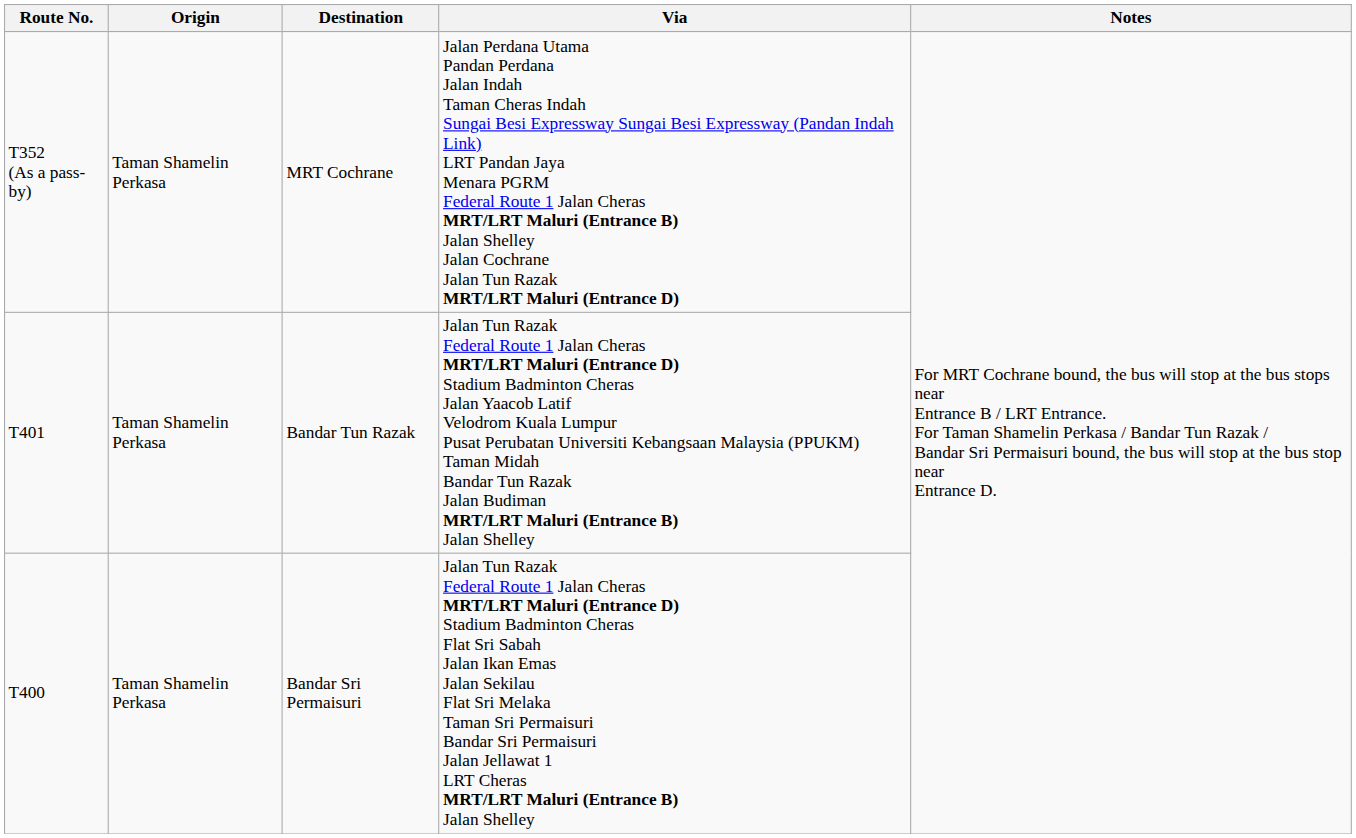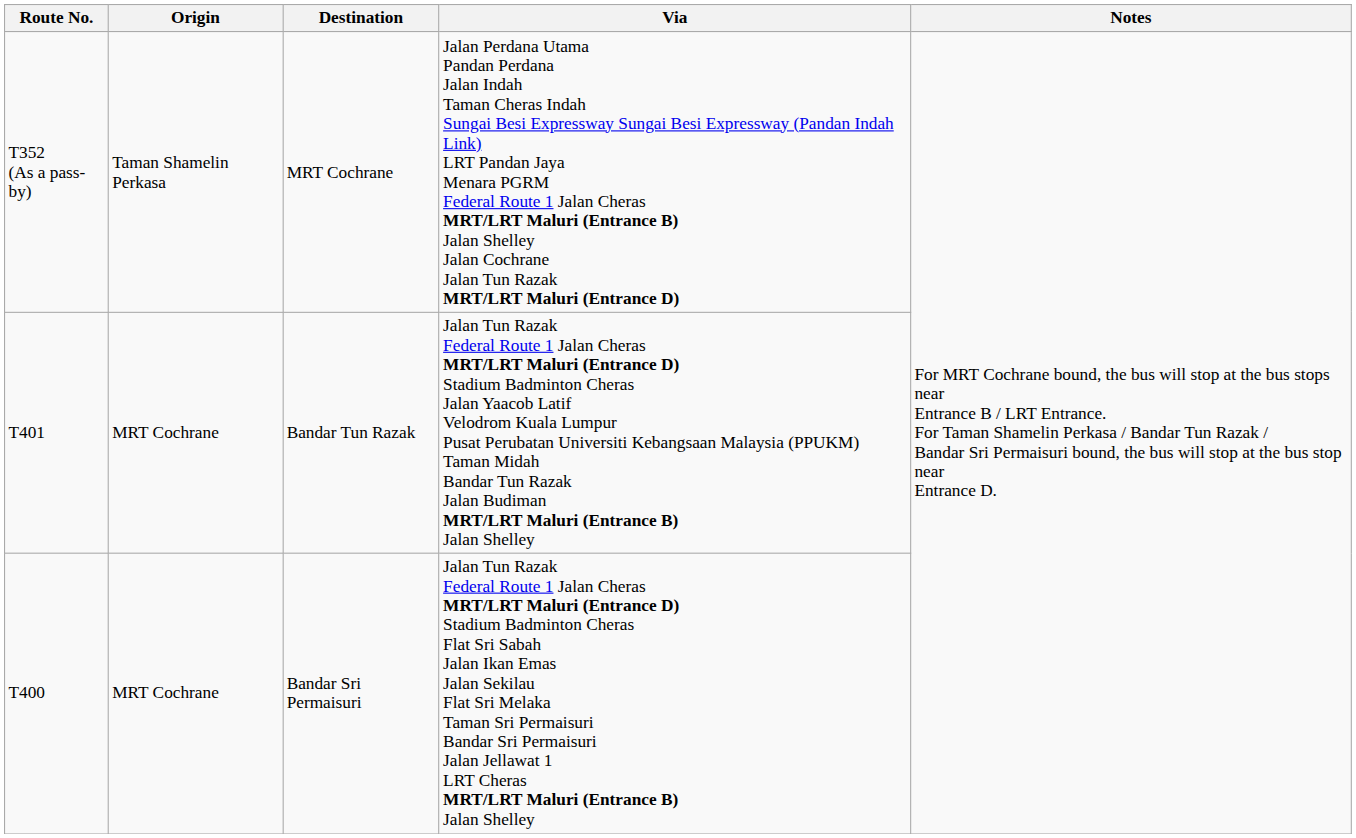 <table class="wikitable">
 <tr>
 <th>Route No.</th>
 <th>Origin</th>
 <th>Destination</th>
 <th>Via</th>
 <th>Notes</th>
 </tr>
 <tr>
 <td>T352<br>(As a pass-by)</td>
 <td>Taman Shamelin Perkasa</td>
 <td> MRT Cochrane</td>
 <td>Jalan Perdana Utama<br>Pandan Perdana<br> Jalan Indah<br> Taman Cheras Indah<br> <a href='#'>Sungai Besi Expressway Sungai Besi Expressway (Pandan Indah Link)</a><br>  LRT Pandan Jaya<br> Menara PGRM<br> <a href='#'>Federal Route 1</a> Jalan Cheras<br>  <strong>MRT/LRT Maluri (Entrance B)</strong><br> Jalan Shelley<br> Jalan Cochrane<br> Jalan Tun Razak<br>  <strong>MRT/LRT Maluri (Entrance D)</strong></td>
 <td rowspan="3">For  MRT Cochrane bound, the bus will stop at the bus stops near<br>Entrance B / LRT Entrance.<br>For Taman Shamelin Perkasa / Bandar Tun Razak /<br> Bandar Sri Permaisuri bound, the bus will stop at the bus stop near <br> Entrance D.</td>
 </tr>
 <tr>
 <td>T401</td>
-<td>Taman Shamelin Perkasa</td>
+<td> MRT Cochrane</td>
 <td>Bandar Tun Razak</td>
 <td>Jalan Tun Razak<br><a href='#'>Federal Route 1</a> Jalan Cheras<br>  <strong>MRT/LRT Maluri (Entrance D)</strong><br> Stadium Badminton Cheras<br> Jalan Yaacob Latif<br> Velodrom Kuala Lumpur<br> Pusat Perubatan Universiti Kebangsaan Malaysia (PPUKM)<br> Taman Midah<br> Bandar Tun Razak<br> Jalan Budiman<br>  <strong>MRT/LRT Maluri (Entrance B)</strong><br> Jalan Shelley</td>
 </tr>
 <tr>
 <td>T400</td>
-<td>Taman Shamelin Perkasa</td>
+<td> MRT Cochrane</td>
 <td>Bandar Sri Permaisuri</td>
 <td>Jalan Tun Razak<br><a href='#'>Federal Route 1</a> Jalan Cheras<br>  <strong>MRT/LRT Maluri (Entrance D)</strong><br> Stadium Badminton Cheras<br> Flat Sri Sabah<br> Jalan Ikan Emas<br> Jalan Sekilau<br> Flat Sri Melaka<br> Taman Sri Permaisuri<br> Bandar Sri Permaisuri<br> Jalan Jellawat 1<br>  LRT Cheras<br>  <strong>MRT/LRT Maluri (Entrance B)</strong><br> Jalan Shelley</td>
 </tr>
 </table>
